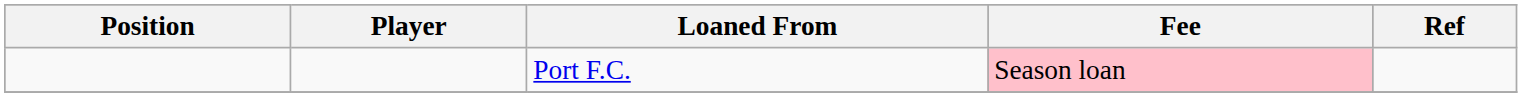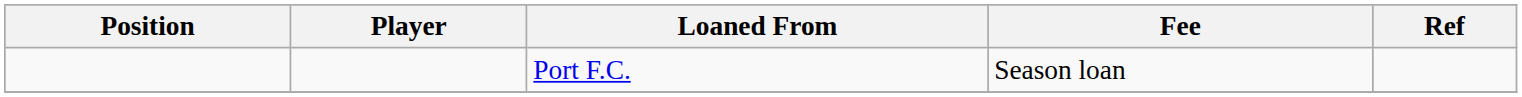 <table class="wikitable sortable" style="width:70%; text-align:center; font-size:100%; text-align:left;">
 <tr>
 <th>Position</th>
 <th>Player</th>
 <th>Loaned From</th>
 <th>Fee</th>
 <th>Ref</th>
 </tr>
 <tr>
 <td></td>
 <td></td>
 <td> <a href='#'>Port F.C.</a></td>
-<td style="background: pink;">Season loan</td>
+<td>Season loan</td>
 <td></td>
 </tr>
 <tr>
 </tr>
 </table>
